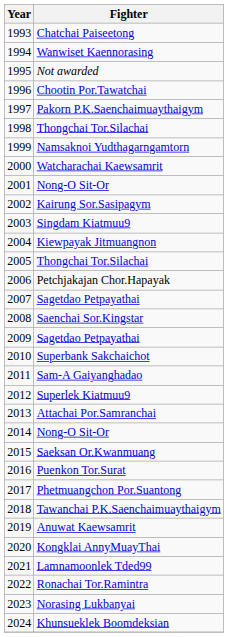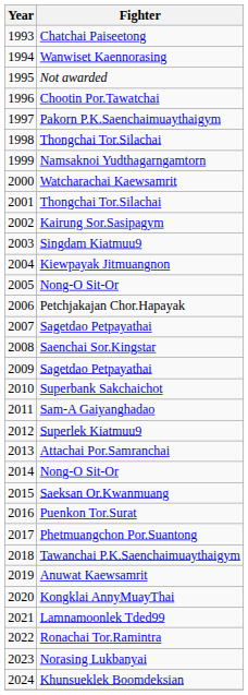 <table class="wikitable">
 <tr>
 <th>Year</th>
 <th>Fighter</th>
 </tr>
 <tr>
 <td>1993</td>
 <td><a href='#'>Chatchai Paiseetong</a></td>
 </tr>
 <tr>
 <td>1994</td>
 <td><a href='#'>Wanwiset Kaennorasing</a></td>
 </tr>
 <tr>
 <td>1995</td>
 <td><em>Not awarded</em></td>
 </tr>
 <tr>
 <td>1996</td>
 <td><a href='#'>Chootin Por.Tawatchai</a></td>
 </tr>
 <tr>
 <td>1997</td>
 <td><a href='#'>Pakorn P.K.Saenchaimuaythaigym</a></td>
 </tr>
 <tr>
 <td>1998</td>
 <td><a href='#'>Thongchai Tor.Silachai</a></td>
 </tr>
 <tr>
 <td>1999</td>
 <td><a href='#'>Namsaknoi Yudthagarngamtorn</a></td>
 </tr>
 <tr>
 <td>2000</td>
 <td><a href='#'>Watcharachai Kaewsamrit</a></td>
 </tr>
 <tr>
 <td>2001</td>
-<td><a href='#'>Nong-O Sit-Or</a></td>
+<td><a href='#'>Thongchai Tor.Silachai</a></td>
 </tr>
 <tr>
 <td>2002</td>
 <td><a href='#'>Kairung Sor.Sasipagym</a></td>
 </tr>
 <tr>
 <td>2003</td>
 <td><a href='#'>Singdam Kiatmuu9</a></td>
 </tr>
 <tr>
 <td>2004</td>
 <td><a href='#'>Kiewpayak Jitmuangnon</a></td>
 </tr>
 <tr>
 <td>2005</td>
-<td><a href='#'>Thongchai Tor.Silachai</a></td>
+<td><a href='#'>Nong-O Sit-Or</a></td>
 </tr>
 <tr>
 <td>2006</td>
 <td>Petchjakajan Chor.Hapayak</td>
 </tr>
 <tr>
 <td>2007</td>
 <td><a href='#'>Sagetdao Petpayathai</a></td>
 </tr>
 <tr>
 <td>2008</td>
 <td><a href='#'>Saenchai Sor.Kingstar</a></td>
 </tr>
 <tr>
 <td>2009</td>
 <td><a href='#'>Sagetdao Petpayathai</a></td>
 </tr>
 <tr>
 <td>2010</td>
 <td><a href='#'>Superbank Sakchaichot</a></td>
 </tr>
 <tr>
 <td>2011</td>
 <td><a href='#'>Sam-A Gaiyanghadao</a></td>
 </tr>
 <tr>
 <td>2012</td>
 <td><a href='#'>Superlek Kiatmuu9</a></td>
 </tr>
 <tr>
 <td>2013</td>
 <td><a href='#'>Attachai Por.Samranchai</a></td>
 </tr>
 <tr>
 <td>2014</td>
 <td><a href='#'>Nong-O Sit-Or</a></td>
 </tr>
 <tr>
 <td>2015</td>
 <td><a href='#'>Saeksan Or.Kwanmuang</a></td>
 </tr>
 <tr>
 <td>2016</td>
 <td><a href='#'>Puenkon Tor.Surat</a></td>
 </tr>
 <tr>
 <td>2017</td>
 <td><a href='#'>Phetmuangchon Por.Suantong</a></td>
 </tr>
 <tr>
 <td>2018</td>
 <td><a href='#'>Tawanchai P.K.Saenchaimuaythaigym</a></td>
 </tr>
 <tr>
 <td>2019</td>
 <td><a href='#'>Anuwat Kaewsamrit</a></td>
 </tr>
 <tr>
 <td>2020</td>
 <td><a href='#'>Kongklai AnnyMuayThai</a></td>
 </tr>
 <tr>
 <td>2021</td>
 <td><a href='#'>Lamnamoonlek Tded99</a></td>
 </tr>
 <tr>
 <td>2022</td>
 <td><a href='#'>Ronachai Tor.Ramintra</a></td>
 </tr>
 <tr>
 <td>2023</td>
 <td><a href='#'>Norasing Lukbanyai</a></td>
 </tr>
 <tr>
 <td>2024</td>
 <td><a href='#'>Khunsueklek Boomdeksian</a></td>
 </tr>
 <tr>
 </tr>
 </table>
